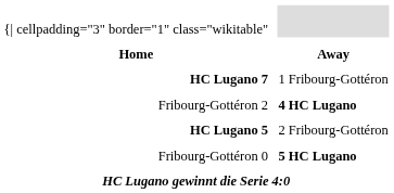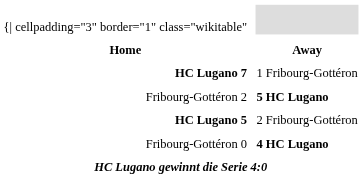 <table cellspacing="10">
 <tr>
 <td valign="top"><br>	{| cellpadding="3" border="1"  class="wikitable"</td>
 <th bgcolor="#DDDDDD" colspan="4"></th>
 </tr>
 <tr>
 <th>Home</th>
 <th>Away</th>
 </tr>
 <tr>
 <td align = "right"><strong>HC Lugano 7</strong></td>
 <td>1 Fribourg-Gottéron</td>
 </tr>
 <tr>
 <td align = "right">Fribourg-Gottéron 2</td>
-<td><strong>4 HC Lugano</strong></td>
+<td><strong>5 HC Lugano</strong></td>
 </tr>
 <tr>
 <td align = "right"><strong>HC Lugano 5</strong></td>
 <td>2 Fribourg-Gottéron</td>
 </tr>
 <tr>
 <td align = "right">Fribourg-Gottéron 0</td>
-<td><strong>5 HC Lugano</strong></td>
+<td><strong>4 HC Lugano</strong></td>
 </tr>
 <tr align="center">
 <td colspan="4"><strong><em>HC Lugano gewinnt die Serie 4:0</em></strong></td>
 </tr>
 </table>
